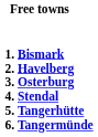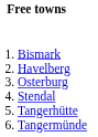 <table>
 <tr ---->
 <th>Free towns</th>
 </tr>
 <tr>
-<td valign=top><strong><br><ol><li><a href='#'>Bismark</a></li><li><a href='#'>Havelberg</a></li><li><a href='#'>Osterburg</a></li><li><a href='#'>Stendal</a></li><li><a href='#'>Tangerhütte</a></li><li><a href='#'>Tangermünde</a></li></ol></strong></td>
+<td valign=top><br><ol><li><a href='#'>Bismark</a></li><li><a href='#'>Havelberg</a></li><li><a href='#'>Osterburg</a></li><li><a href='#'>Stendal</a></li><li><a href='#'>Tangerhütte</a></li><li><a href='#'>Tangermünde</a></li></ol></td>
 </tr>
 </table>
